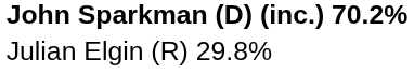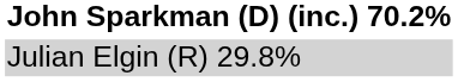 <table>
 <tr>
 <td><strong>John Sparkman (D) (inc.) 70.2%</strong></td>
 </tr>
 <tr>
-<td>Julian Elgin (R) 29.8%</td>
+<td style="background: lightgrey;">Julian Elgin (R) 29.8%</td>
 </tr>
 </table>
